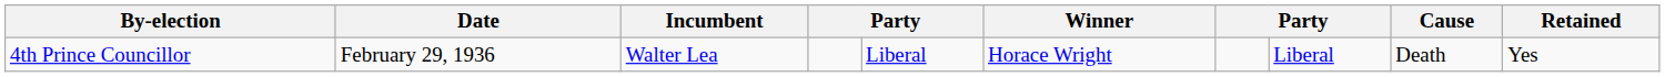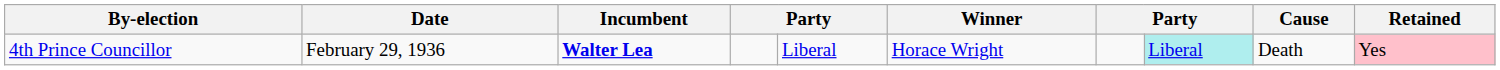 <table class=wikitable style="width:100%">
 <tr>
 <th>By-election</th>
 <th>Date</th>
 <th>Incumbent</th>
 <th colspan=2>Party</th>
 <th>Winner</th>
 <th colspan=2>Party</th>
 <th>Cause</th>
 <th>Retained</th>
 </tr>
 <tr>
 <td><a href='#'>4th Prince Councillor</a></td>
 <td>February 29, 1936</td>
-<td><a href='#'>Walter Lea</a></td>
+<td><strong><a href='#'>Walter Lea</a></strong></td>
 <td>    </td>
 <td><a href='#'>Liberal</a></td>
 <td><a href='#'>Horace Wright</a></td>
 <td>    </td>
-<td><a href='#'>Liberal</a></td>
+<td style="background: paleturquoise;"><a href='#'>Liberal</a></td>
 <td>Death</td>
-<td>Yes</td>
+<td style="background: pink;">Yes</td>
 </tr>
 </table>
